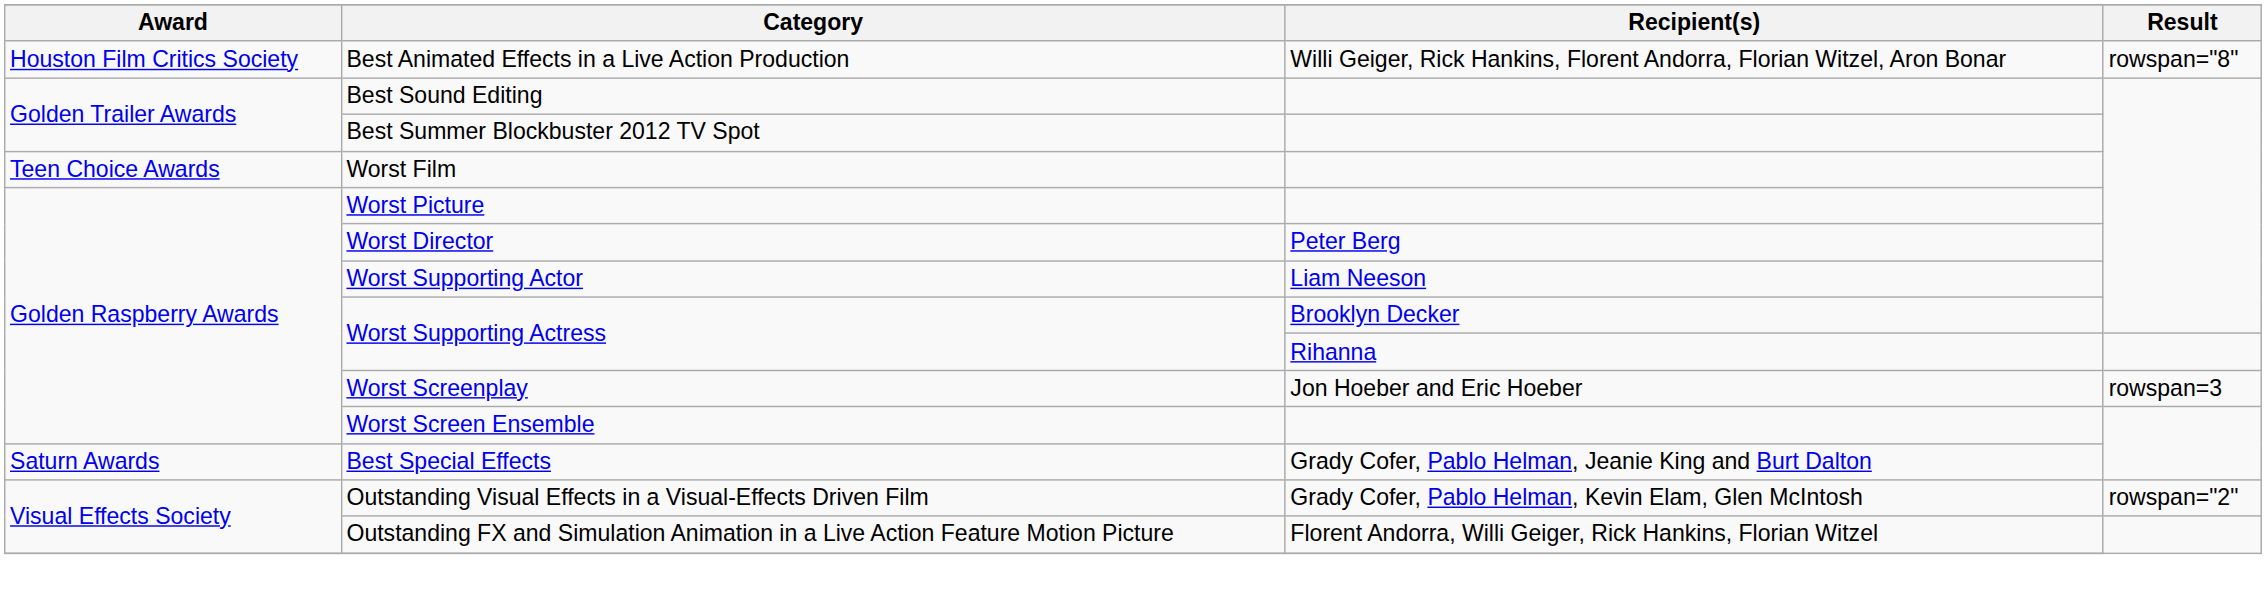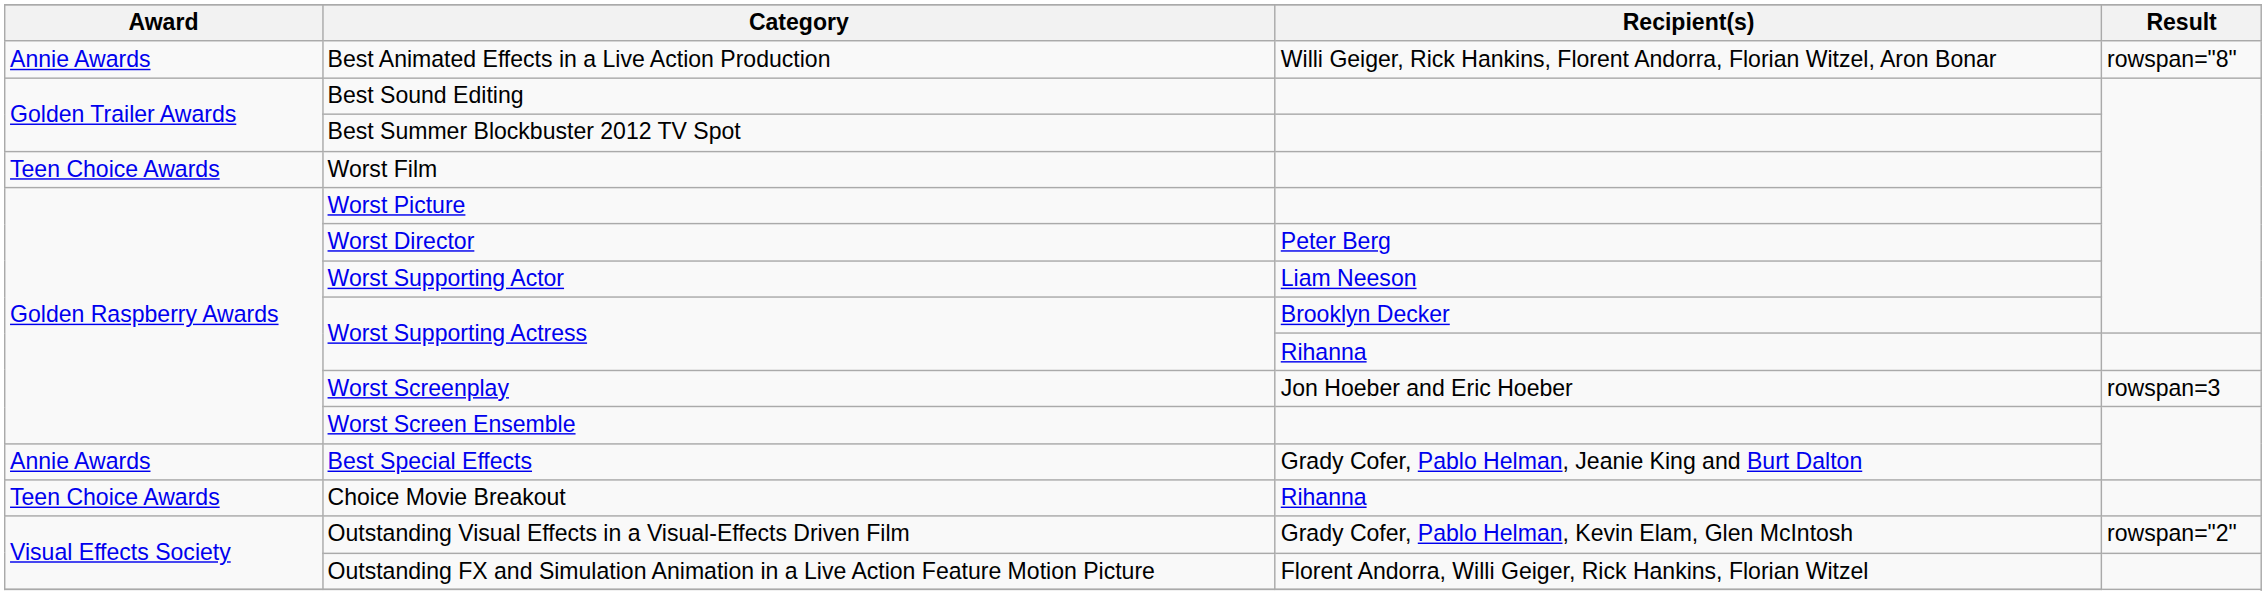 <table class="wikitable sortable" width="99%">
 <tr>
 </tr>
 <tr>
 <th>Award</th>
 <th>Category</th>
 <th>Recipient(s)</th>
 <th>Result</th>
 </tr>
 <tr>
-<td><a href='#'>Houston Film Critics Society</a></td>
+<td><a href='#'>Annie Awards</a></td>
 <td>Best Animated Effects in a Live Action Production</td>
 <td>Willi Geiger, Rick Hankins, Florent Andorra, Florian Witzel, Aron Bonar</td>
 <td>rowspan="8" </td>
 </tr>
 <tr>
 <td rowspan="2"><a href='#'>Golden Trailer Awards</a></td>
 <td colspan=1>Best Sound Editing</td>
 <td></td>
 </tr>
 <tr>
 <td>Best Summer Blockbuster 2012 TV Spot</td>
 <td></td>
 </tr>
 <tr>
 <td><a href='#'>Teen Choice Awards</a></td>
 <td>Worst Film</td>
 <td></td>
 </tr>
 <tr>
 <td rowspan="7"><a href='#'>Golden Raspberry Awards</a></td>
 <td><a href='#'>Worst Picture</a></td>
 <td></td>
 </tr>
 <tr>
 <td><a href='#'>Worst Director</a></td>
 <td><a href='#'>Peter Berg</a></td>
 </tr>
 <tr>
 <td><a href='#'>Worst Supporting Actor</a></td>
 <td><a href='#'>Liam Neeson</a></td>
 </tr>
 <tr>
 <td rowspan=2><a href='#'>Worst Supporting Actress</a></td>
 <td><a href='#'>Brooklyn Decker</a></td>
 </tr>
 <tr>
 <td><a href='#'>Rihanna</a></td>
 <td></td>
 </tr>
 <tr>
 <td><a href='#'>Worst Screenplay</a></td>
 <td>Jon Hoeber and Eric Hoeber</td>
 <td>rowspan=3 </td>
 </tr>
 <tr>
 <td><a href='#'>Worst Screen Ensemble</a></td>
 <td></td>
 </tr>
 <tr>
-<td><a href='#'>Saturn Awards</a></td>
+<td><a href='#'>Annie Awards</a></td>
 <td><a href='#'>Best Special Effects</a></td>
 <td>Grady Cofer, <a href='#'>Pablo Helman</a>, Jeanie King and <a href='#'>Burt Dalton</a></td>
+</tr>
+<tr>
+<td><a href='#'>Teen Choice Awards</a></td>
+<td>Choice Movie Breakout</td>
+<td><a href='#'>Rihanna</a></td>
+<td></td>
 </tr>
 <tr>
 <td rowspan="2"><a href='#'>Visual Effects Society</a></td>
 <td>Outstanding Visual Effects in a Visual-Effects Driven Film</td>
 <td>Grady Cofer, <a href='#'>Pablo Helman</a>, Kevin Elam, Glen McIntosh</td>
 <td>rowspan="2" </td>
 </tr>
 <tr>
 <td>Outstanding FX and Simulation Animation in a Live Action Feature Motion Picture</td>
 <td>Florent Andorra, Willi Geiger, Rick Hankins, Florian Witzel</td>
 </tr>
 <tr>
 </tr>
 </table>
